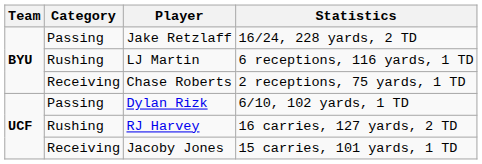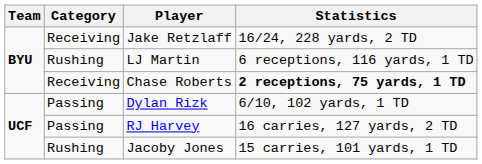 <table class="wikitable" style="float: right;">
 <tr>
 <th>Team</th>
 <th>Category</th>
 <th>Player</th>
 <th>Statistics</th>
 </tr>
 <tr>
 <td rowspan=3><strong>BYU</strong></td>
-<td>Passing</td>
+<td>Receiving</td>
 <td>Jake Retzlaff</td>
 <td>16/24, 228 yards, 2 TD</td>
 </tr>
 <tr>
 <td>Rushing</td>
 <td>LJ Martin</td>
 <td>6 receptions, 116 yards, 1 TD</td>
 </tr>
 <tr>
 <td>Receiving</td>
 <td>Chase Roberts</td>
-<td>2 receptions, 75 yards, 1 TD</td>
+<td><strong>2 receptions, 75 yards, 1 TD</strong></td>
 </tr>
 <tr>
 <td rowspan=3><strong>UCF</strong></td>
 <td>Passing</td>
 <td><a href='#'>Dylan Rizk</a></td>
 <td>6/10, 102 yards, 1 TD</td>
 </tr>
 <tr>
-<td>Rushing</td>
+<td>Passing</td>
 <td><a href='#'>RJ Harvey</a></td>
 <td>16 carries, 127 yards, 2 TD</td>
 </tr>
 <tr>
-<td>Receiving</td>
+<td>Rushing</td>
 <td>Jacoby Jones</td>
 <td>15 carries, 101 yards, 1 TD</td>
 </tr>
 </table>
